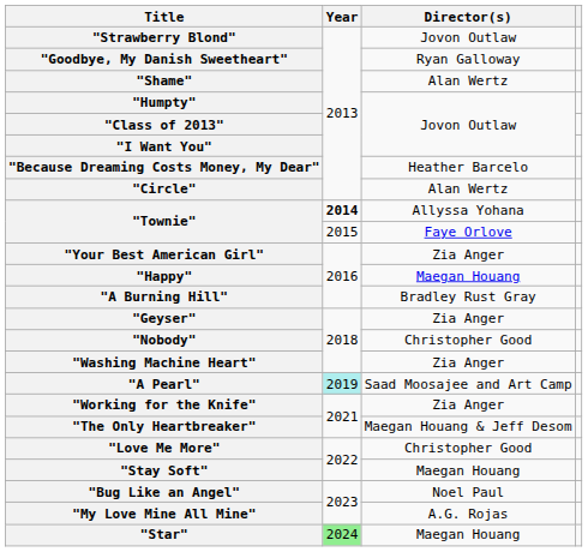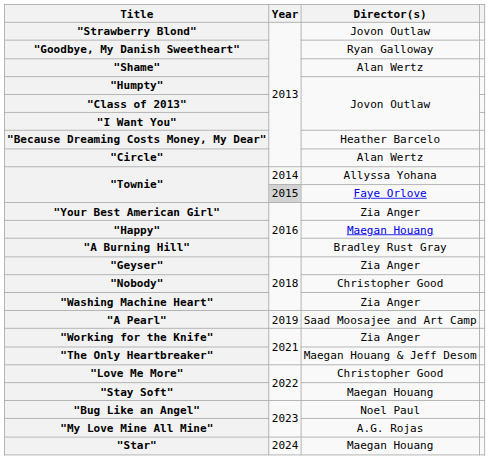 <table class="wikitable plainrowheaders" style="text-align:center;">
 <tr>
 <th scope="col">Title</th>
 <th scope="col">Year</th>
 <th scope="col">Director(s)</th>
 <th scope="col"></th>
 </tr>
 <tr>
 <th scope="row">"Strawberry Blond"</th>
 <td rowspan="8">2013</td>
 <td>Jovon Outlaw</td>
 <td></td>
 </tr>
 <tr>
 <th scope="row">"Goodbye, My Danish Sweetheart"</th>
 <td>Ryan Galloway</td>
 <td></td>
 </tr>
 <tr>
 <th scope="row">"Shame"</th>
 <td>Alan Wertz</td>
 <td></td>
 </tr>
 <tr>
 <th scope="row">"Humpty"</th>
 <td rowspan="3">Jovon Outlaw</td>
 <td></td>
 </tr>
 <tr>
 <th scope="row">"Class of 2013"</th>
 <td></td>
 </tr>
 <tr>
 <th scope="row">"I Want You"</th>
 <td></td>
 </tr>
 <tr>
 <th scope="row">"Because Dreaming Costs Money, My Dear"</th>
 <td>Heather Barcelo</td>
 <td></td>
 </tr>
 <tr>
 <th scope="row">"Circle"</th>
 <td>Alan Wertz</td>
 <td></td>
 </tr>
 <tr>
 <th rowspan="2" scope="row">"Townie"</th>
-<td><strong>2014</strong></td>
+<td>2014</td>
 <td>Allyssa Yohana</td>
 <td></td>
 </tr>
 <tr>
-<td>2015</td>
+<td style="background: lightgrey;">2015</td>
 <td><a href='#'>Faye Orlove</a></td>
 <td></td>
 </tr>
 <tr>
 <th scope="row">"Your Best American Girl"</th>
 <td rowspan="3">2016</td>
 <td>Zia Anger</td>
 <td></td>
 </tr>
 <tr>
 <th scope="row">"Happy"</th>
 <td><a href='#'>Maegan Houang</a></td>
 <td></td>
 </tr>
 <tr>
 <th scope="row">"A Burning Hill"</th>
 <td>Bradley Rust Gray</td>
 <td></td>
 </tr>
 <tr>
 <th scope="row">"Geyser"</th>
 <td rowspan="3">2018</td>
 <td>Zia Anger</td>
 <td></td>
 </tr>
 <tr>
 <th scope="row">"Nobody"</th>
 <td>Christopher Good</td>
 <td></td>
 </tr>
 <tr>
 <th scope="row">"Washing Machine Heart"</th>
 <td>Zia Anger</td>
 <td></td>
 </tr>
 <tr>
 <th scope="row">"A Pearl"</th>
-<td style="background: paleturquoise;">2019</td>
+<td>2019</td>
 <td>Saad Moosajee and Art Camp</td>
 <td></td>
 </tr>
 <tr>
 <th scope="row">"Working for the Knife"</th>
 <td rowspan="2">2021</td>
 <td>Zia Anger</td>
 <td></td>
 </tr>
 <tr>
 <th scope="row">"The Only Heartbreaker"</th>
 <td>Maegan Houang & Jeff Desom</td>
 <td></td>
 </tr>
 <tr>
 <th scope="row">"Love Me More"</th>
 <td rowspan="2">2022</td>
 <td>Christopher Good</td>
 <td></td>
 </tr>
 <tr>
 <th scope="row">"Stay Soft"</th>
 <td>Maegan Houang</td>
 <td></td>
 </tr>
 <tr>
 <th scope="row">"Bug Like an Angel"</th>
 <td rowspan="2">2023</td>
 <td>Noel Paul</td>
 <td></td>
 </tr>
 <tr>
 <th scope="row">"My Love Mine All Mine"</th>
 <td>A.G. Rojas</td>
 <td></td>
 </tr>
 <tr>
 <th scope="row">"Star"</th>
-<td style="background: lightgreen;">2024</td>
+<td>2024</td>
 <td>Maegan Houang</td>
 <td></td>
 </tr>
 </table>
